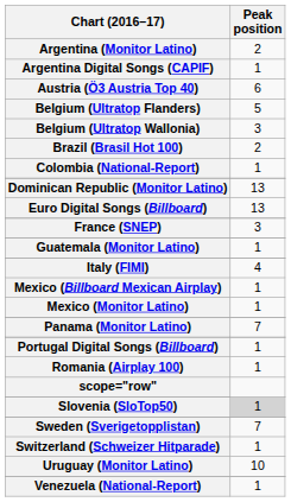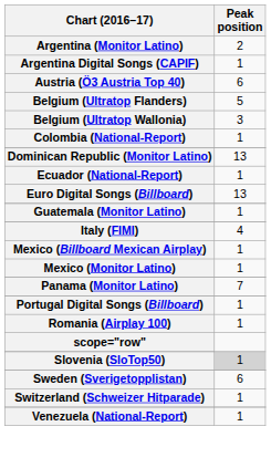 <table class="wikitable plainrowheaders sortable" style="text-align:center">
 <tr>
 <th scope="col">Chart (2016–17)</th>
 <th scope="col">Peak<br>position</th>
 </tr>
 <tr>
 <th scope="row">Argentina (<a href='#'>Monitor Latino</a>)</th>
 <td>2</td>
 </tr>
 <tr>
 <th scope="row">Argentina Digital Songs (<a href='#'>CAPIF</a>)</th>
 <td>1</td>
 </tr>
 <tr>
 <th scope="row">Austria (<a href='#'>Ö3 Austria Top 40</a>)</th>
 <td>6</td>
 </tr>
 <tr>
 <th scope="row">Belgium (<a href='#'>Ultratop</a> Flanders)</th>
 <td>5</td>
 </tr>
 <tr>
 <th scope="row">Belgium (<a href='#'>Ultratop</a> Wallonia)</th>
 <td>3</td>
 </tr>
 <tr>
-<th scope="row">Brazil (<a href='#'>Brasil Hot 100</a>)</th>
-<td>2</td>
-</tr>
-<tr>
 <th scope="row">Colombia (<a href='#'>National-Report</a>)</th>
 <td>1</td>
 </tr>
 <tr>
 </tr>
 <tr>
 <th scope="row">Dominican Republic (<a href='#'>Monitor Latino</a>)</th>
 <td>13</td>
 </tr>
 <tr>
+<th scope="row">Ecuador (<a href='#'>National-Report</a>)</th>
+<td>1</td>
+</tr>
+<tr>
 <th scope="row">Euro Digital Songs (<em><a href='#'>Billboard</a></em>)</th>
 <td>13</td>
 </tr>
 <tr>
-</tr>
-<tr>
-<th scope="row">France (<a href='#'>SNEP</a>)</th>
-<td>3</td>
 </tr>
 <tr>
 </tr>
 <tr>
 <th scope="row">Guatemala (<a href='#'>Monitor Latino</a>)</th>
 <td>1</td>
 </tr>
 <tr>
 </tr>
 <tr>
 </tr>
 <tr>
 </tr>
 <tr>
 </tr>
 <tr>
 <th scope="row">Italy (<a href='#'>FIMI</a>)</th>
 <td>4</td>
 </tr>
 <tr>
 <th scope="row">Mexico (<a href='#'><em>Billboard</em> Mexican Airplay</a>)</th>
 <td>1</td>
 </tr>
 <tr>
 <th scope="row">Mexico (<a href='#'>Monitor Latino</a>)</th>
 <td>1</td>
 </tr>
 <tr>
 </tr>
 <tr>
 </tr>
 <tr>
 <th scope="row">Panama (<a href='#'>Monitor Latino</a>)</th>
 <td>7</td>
 </tr>
 <tr>
 </tr>
 <tr>
 <th scope=row>Portugal Digital Songs (<em><a href='#'>Billboard</a></em>)</th>
 <td>1</td>
 </tr>
 <tr>
 <th scope="row">Romania (<a href='#'>Airplay 100</a>)</th>
 <td>1</td>
 </tr>
 <tr>
 <th>scope="row"</th>
 </tr>
 <tr>
 </tr>
 <tr>
 </tr>
 <tr>
 <th scope="row">Slovenia (<a href='#'>SloTop50</a>)</th>
 <td style="background: lightgrey;">1</td>
 </tr>
 <tr>
 </tr>
 <tr>
 <th scope="row">Sweden (<a href='#'>Sverigetopplistan</a>)</th>
-<td>7</td>
+<td>6</td>
 </tr>
 <tr>
 <th scope="row">Switzerland (<a href='#'>Schweizer Hitparade</a>)</th>
 <td>1</td>
-</tr>
-<tr>
-<th scope="row">Uruguay (<a href='#'>Monitor Latino</a>)</th>
-<td>10</td>
 </tr>
 <tr>
 </tr>
 <tr>
 </tr>
 <tr>
 </tr>
 <tr>
 </tr>
 <tr>
 <th scope="row">Venezuela (<a href='#'>National-Report</a>)</th>
 <td>1</td>
 </tr>
 </table>
